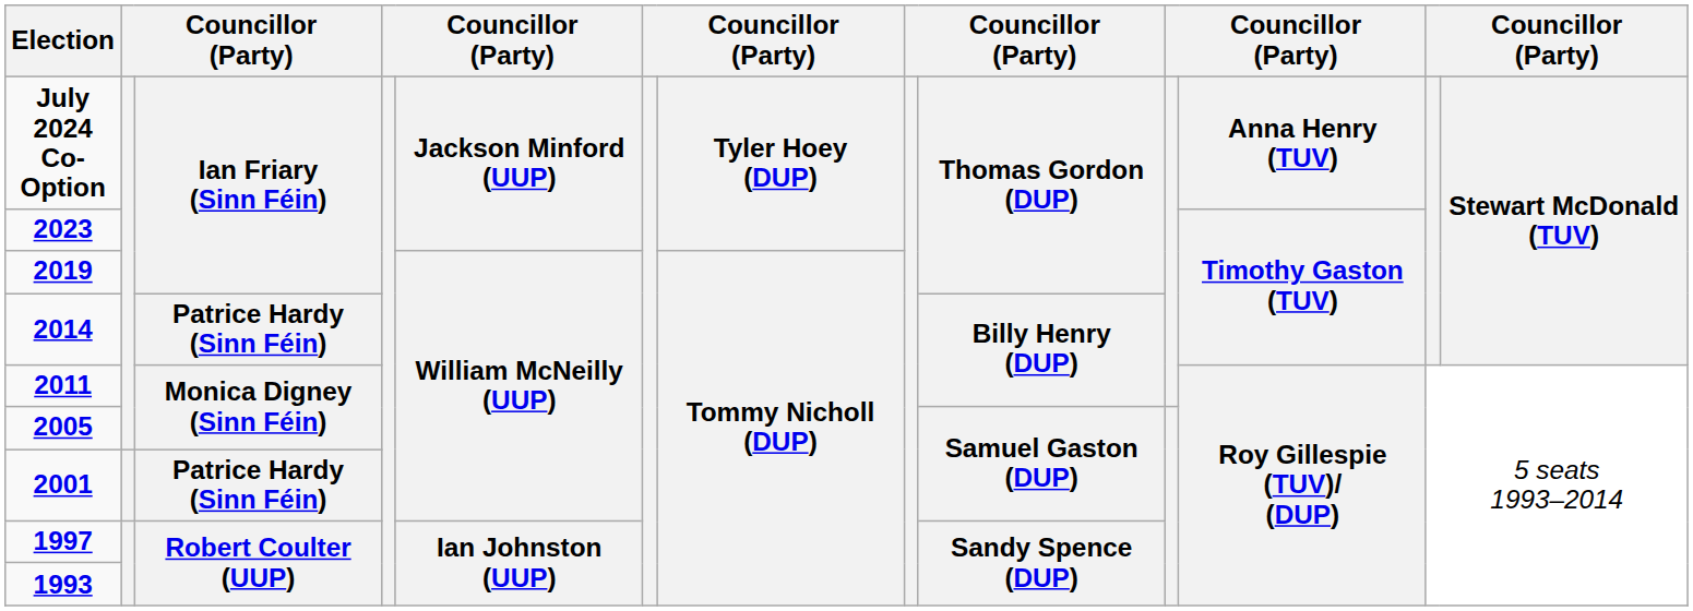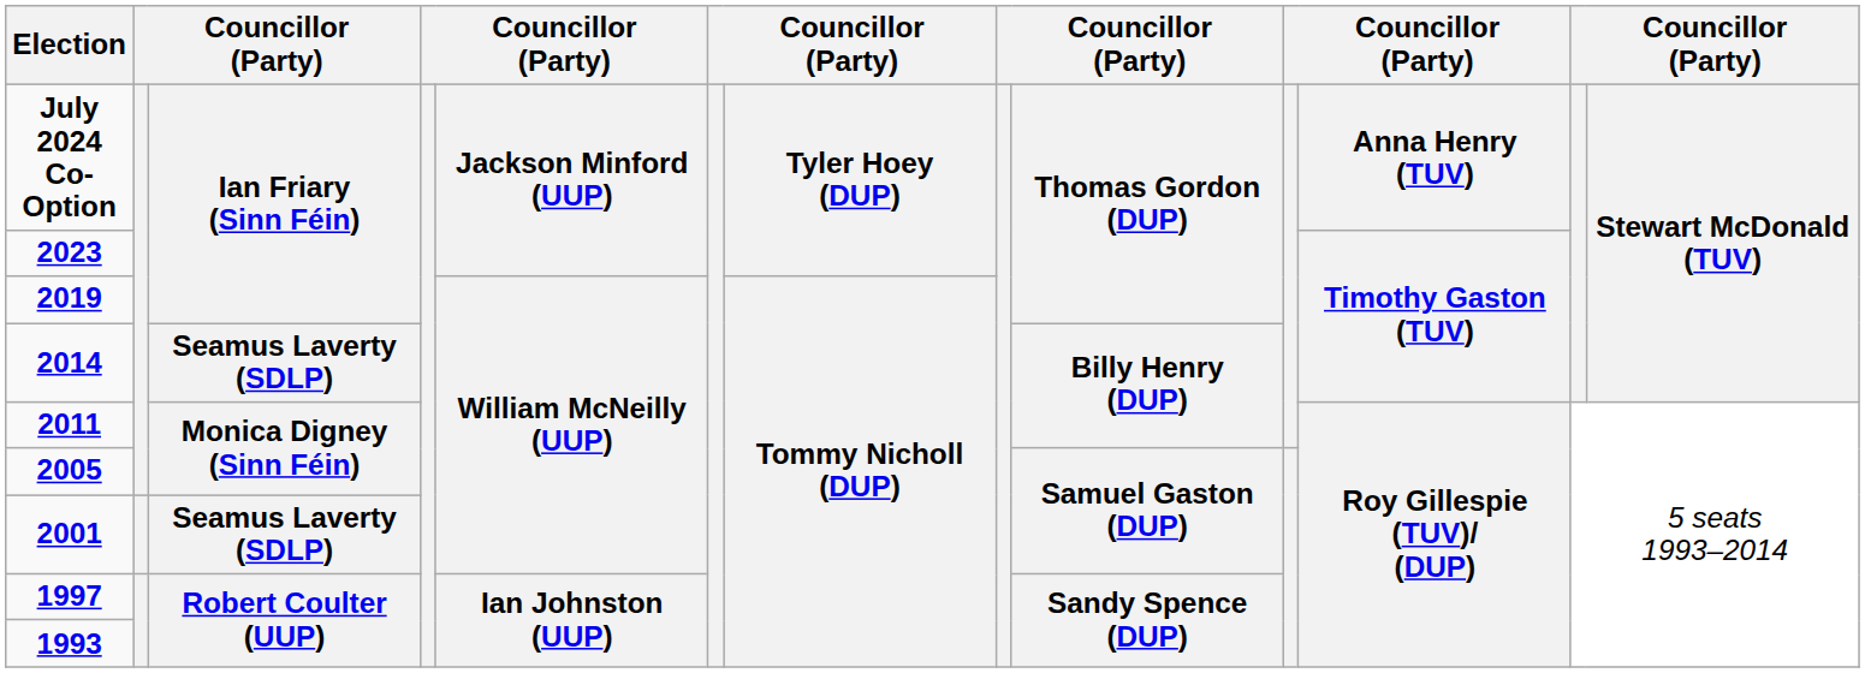 <table class="wikitable" style="text-align:center">
 <tr>
 <th scope="col" width="50">Election</th>
 <th scope="col" width="150" colspan = "2">Councillor<br> (Party)</th>
 <th scope="col" width="150" colspan = "2">Councillor<br> (Party)</th>
 <th scope="col" width="150" colspan = "2">Councillor<br> (Party)</th>
 <th scope="col" width="150" colspan = "2">Councillor<br> (Party)</th>
 <th scope="col" width="150" colspan = "2">Councillor<br> (Party)</th>
 <th scope="col" width="150" colspan = "2">Councillor<br> (Party)</th>
 </tr>
 <tr>
 <td><strong>July 2024 Co-Option</strong></td>
 <th rowspan="6" width="1" style="background-color: "></th>
 <th rowspan = "3">Ian Friary <br> (<a href='#'>Sinn Féin</a>)</th>
 <th rowspan="9" width="1" style="background-color: "></th>
 <th rowspan = "2">Jackson Minford <br> (<a href='#'>UUP</a>)</th>
 <th rowspan="9" width="1" style="background-color: "></th>
 <th rowspan = "2">Tyler Hoey <br> (<a href='#'>DUP</a>)</th>
 <th rowspan="9" width="1" style="background-color: "></th>
 <th rowspan = "3">Thomas Gordon <br> (<a href='#'>DUP</a>)</th>
 <th rowspan="5" width="1" style="background-color: "></th>
 <th rowspan = "1">Anna Henry<br> (<a href='#'>TUV</a>)</th>
 <th rowspan="4" width="1" style="background-color: "></th>
 <th rowspan = "4">Stewart McDonald <br> (<a href='#'>TUV</a>)</th>
 </tr>
 <tr>
 <td><strong><a href='#'>2023</a></strong></td>
 <th rowspan = "3"><a href='#'>Timothy Gaston</a><br> (<a href='#'>TUV</a>)</th>
 </tr>
 <tr>
 <td><strong><a href='#'>2019</a></strong></td>
 <th rowspan = "5">William McNeilly <br> (<a href='#'>UUP</a>)</th>
 <th rowspan = "7">Tommy Nicholl <br> (<a href='#'>DUP</a>)</th>
 </tr>
 <tr>
 <td><strong><a href='#'>2014</a></strong></td>
-<th rowspan = "1">Patrice Hardy <br> (<a href='#'>Sinn Féin</a>)</th>
+<th rowspan = "1">Seamus Laverty <br> (<a href='#'>SDLP</a>)</th>
 <th rowspan = "2">Billy Henry <br> (<a href='#'>DUP</a>)</th>
 </tr>
 <tr>
 <td><strong><a href='#'>2011</a></strong></td>
 <th rowspan = "2">Monica Digney <br> (<a href='#'>Sinn Féin</a>)</th>
 <th rowspan = "5">Roy Gillespie <br> (<a href='#'>TUV</a>)/ <br> (<a href='#'>DUP</a>)</th>
 <td colspan="2" rowspan="5" style="background-color:#FFFFFF"><em>5 seats<br>1993–2014</em></td>
 </tr>
 <tr>
 <td><strong><a href='#'>2005</a></strong></td>
 <th rowspan = "2">Samuel Gaston <br> (<a href='#'>DUP</a>)</th>
 <th rowspan="4" width="1" style="background-color: "></th>
 </tr>
 <tr>
 <td><strong><a href='#'>2001</a></strong></td>
 <th rowspan="1" width="1" style="background-color: "></th>
-<th rowspan = "1">Patrice Hardy <br> (<a href='#'>Sinn Féin</a>)</th>
+<th rowspan = "1">Seamus Laverty <br> (<a href='#'>SDLP</a>)</th>
 </tr>
 <tr>
 <td><strong><a href='#'>1997</a></strong></td>
 <th rowspan="2" width="1" style="background-color: "></th>
 <th rowspan = "2"><a href='#'>Robert Coulter</a> <br> (<a href='#'>UUP</a>)</th>
 <th rowspan = "2">Ian Johnston <br> (<a href='#'>UUP</a>)</th>
 <th rowspan = "2">Sandy Spence <br> (<a href='#'>DUP</a>)</th>
 </tr>
 <tr>
 <td><strong><a href='#'>1993</a></strong></td>
 </tr>
 </table>
